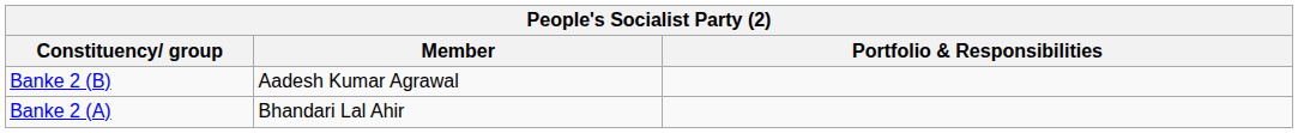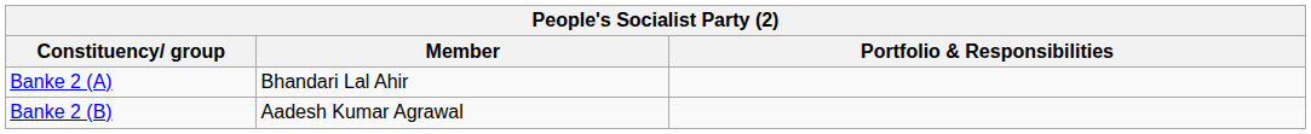 <table class="wikitable sortable">
 <tr>
 <th colspan="3" style="width: 800pt; background:">People's Socialist Party (2)</th>
 </tr>
 <tr>
 <th style="width:150pt;">Constituency/ group</th>
 <th style="width:250pt;">Member</th>
 <th>Portfolio & Responsibilities</th>
 </tr>
 <tr>
+<td><a href='#'>Banke 2 (A)</a></td>
+<td>Bhandari Lal Ahir</td>
+<td></td>
+</tr>
+<tr>
 <td><a href='#'>Banke 2 (B)</a></td>
 <td>Aadesh Kumar Agrawal</td>
 <td></td>
 </tr>
-<tr>
-<td><a href='#'>Banke 2 (A)</a></td>
-<td>Bhandari Lal Ahir</td>
-<td></td>
-</tr>
 </table>
